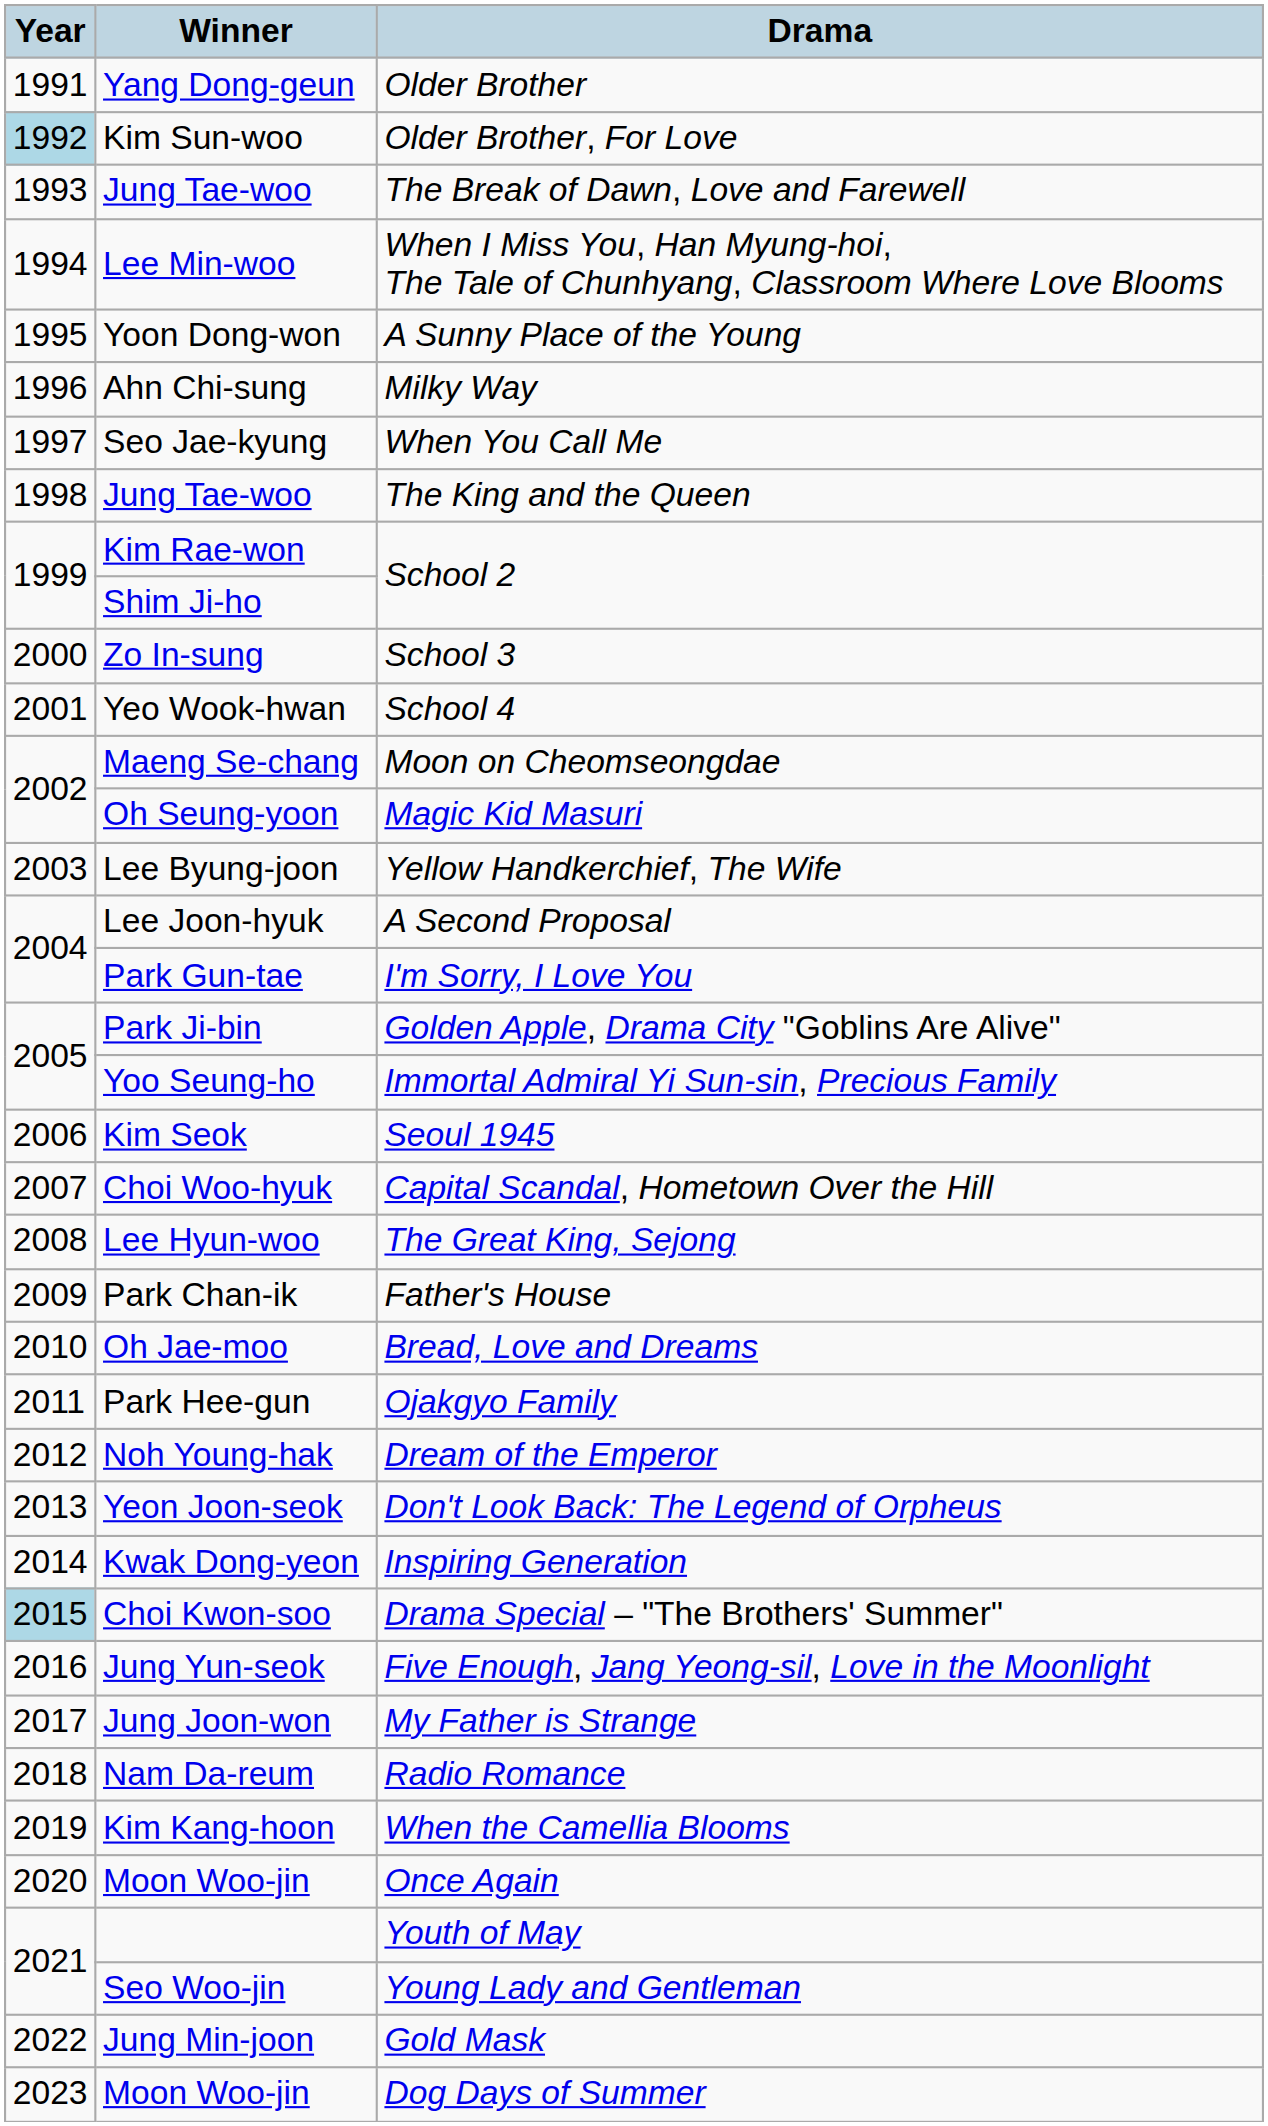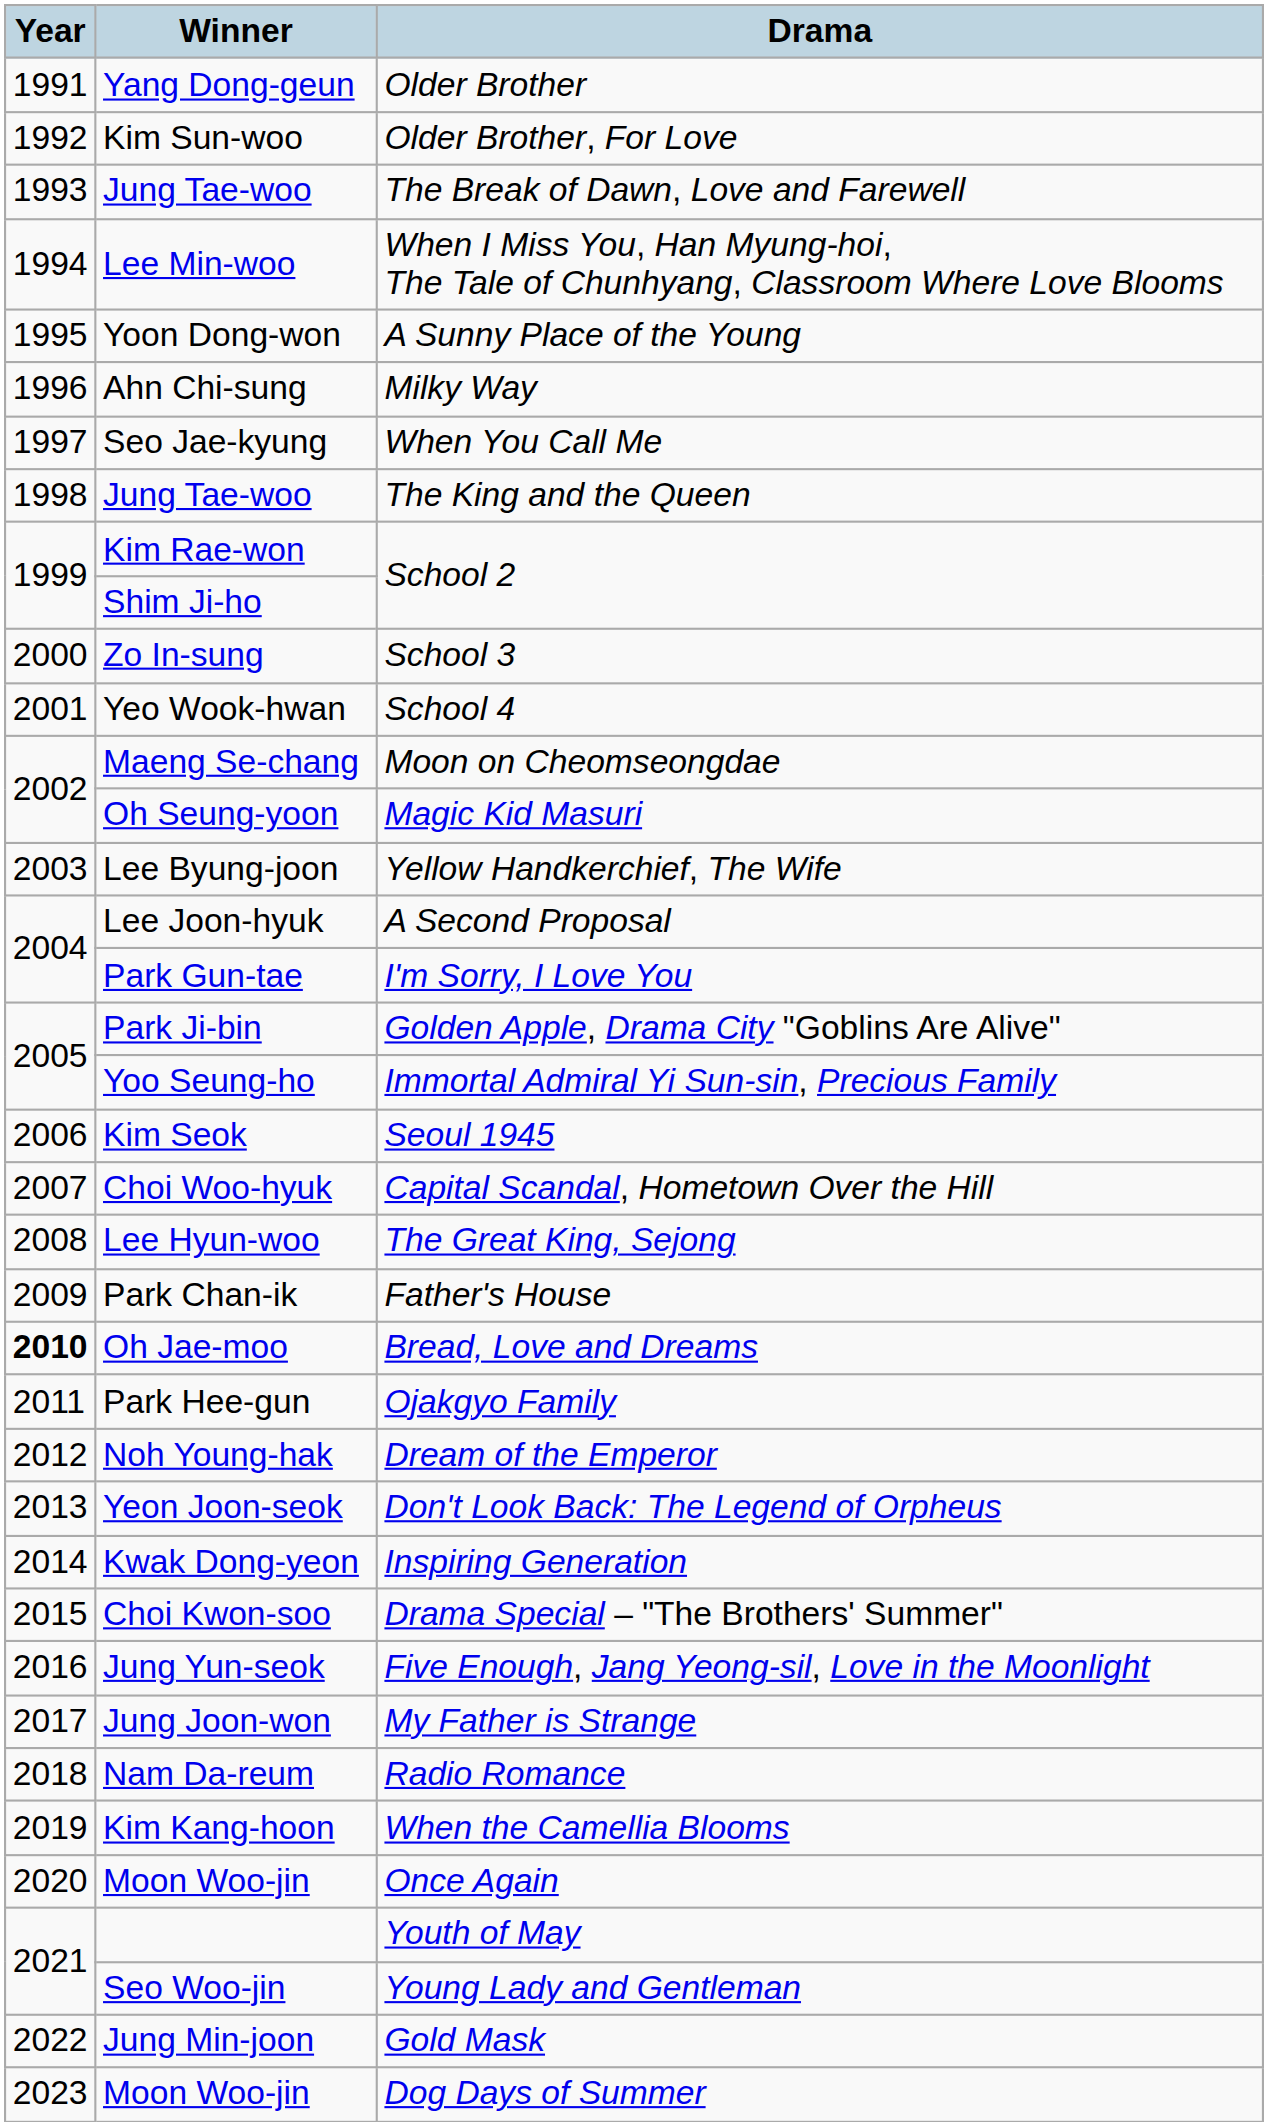 <table class="wikitable" style="width:600px">
 <tr>
 <th style="background:#BED5E1;" width="30">Year</th>
 <th style="background:#BED5E1;">Winner</th>
 <th style="background:#BED5E1;">Drama</th>
 </tr>
 <tr>
 <td>1991</td>
 <td><a href='#'>Yang Dong-geun</a></td>
 <td><em>Older Brother</em></td>
 </tr>
 <tr>
-<td style="background: lightblue;">1992</td>
+<td>1992</td>
 <td>Kim Sun-woo</td>
 <td><em>Older Brother</em>, <em>For Love</em></td>
 </tr>
 <tr>
 <td>1993</td>
 <td><a href='#'>Jung Tae-woo</a></td>
 <td><em>The Break of Dawn</em>, <em>Love and Farewell</em></td>
 </tr>
 <tr>
 <td>1994</td>
 <td><a href='#'>Lee Min-woo</a></td>
 <td><em>When I Miss You</em>, <em>Han Myung-hoi</em>,<br><em>The Tale of Chunhyang</em>, <em>Classroom Where Love Blooms</em></td>
 </tr>
 <tr>
 <td>1995</td>
 <td>Yoon Dong-won</td>
 <td><em>A Sunny Place of the Young</em></td>
 </tr>
 <tr>
 <td>1996</td>
 <td>Ahn Chi-sung</td>
 <td><em>Milky Way</em></td>
 </tr>
 <tr>
 <td>1997</td>
 <td>Seo Jae-kyung</td>
 <td><em>When You Call Me</em></td>
 </tr>
 <tr>
 <td>1998</td>
 <td><a href='#'>Jung Tae-woo</a></td>
 <td><em>The King and the Queen</em></td>
 </tr>
 <tr>
 <td rowspan="2">1999</td>
 <td><a href='#'>Kim Rae-won</a></td>
 <td rowspan="2"><em>School 2</em></td>
 </tr>
 <tr>
 <td><a href='#'>Shim Ji-ho</a></td>
 </tr>
 <tr>
 <td>2000</td>
 <td><a href='#'>Zo In-sung</a></td>
 <td><em>School 3</em></td>
 </tr>
 <tr>
 <td>2001</td>
 <td>Yeo Wook-hwan</td>
 <td><em>School 4</em></td>
 </tr>
 <tr>
 <td rowspan="2">2002</td>
 <td><a href='#'>Maeng Se-chang</a></td>
 <td><em>Moon on Cheomseongdae</em></td>
 </tr>
 <tr>
 <td><a href='#'>Oh Seung-yoon</a></td>
 <td><em><a href='#'>Magic Kid Masuri</a></em></td>
 </tr>
 <tr>
 <td>2003</td>
 <td>Lee Byung-joon </td>
 <td><em>Yellow Handkerchief</em>, <em>The Wife</em></td>
 </tr>
 <tr>
 <td rowspan="2">2004</td>
 <td>Lee Joon-hyuk </td>
 <td><em>A Second Proposal</em></td>
 </tr>
 <tr>
 <td><a href='#'>Park Gun-tae</a></td>
 <td><em><a href='#'>I'm Sorry, I Love You</a></em></td>
 </tr>
 <tr>
 <td rowspan="2">2005</td>
 <td><a href='#'>Park Ji-bin</a></td>
 <td><em><a href='#'>Golden Apple</a></em>, <em><a href='#'>Drama City</a></em> "Goblins Are Alive"</td>
 </tr>
 <tr>
 <td><a href='#'>Yoo Seung-ho</a></td>
 <td><em><a href='#'>Immortal Admiral Yi Sun-sin</a></em>, <em><a href='#'>Precious Family</a></em></td>
 </tr>
 <tr>
 <td>2006</td>
 <td><a href='#'>Kim Seok</a></td>
 <td><em><a href='#'>Seoul 1945</a></em></td>
 </tr>
 <tr>
 <td>2007</td>
 <td><a href='#'>Choi Woo-hyuk</a></td>
 <td><em><a href='#'>Capital Scandal</a></em>, <em>Hometown Over the Hill</em></td>
 </tr>
 <tr>
 <td>2008</td>
 <td><a href='#'>Lee Hyun-woo</a></td>
 <td><em><a href='#'>The Great King, Sejong</a></em></td>
 </tr>
 <tr>
 <td>2009</td>
 <td>Park Chan-ik</td>
 <td><em>Father's House</em></td>
 </tr>
 <tr>
-<td>2010</td>
+<td><strong>2010</strong></td>
 <td><a href='#'>Oh Jae-moo</a></td>
 <td><em><a href='#'>Bread, Love and Dreams</a></em></td>
 </tr>
 <tr>
 <td>2011</td>
 <td>Park Hee-gun</td>
 <td><em><a href='#'>Ojakgyo Family</a></em></td>
 </tr>
 <tr>
 <td>2012</td>
 <td><a href='#'>Noh Young-hak</a></td>
 <td><em><a href='#'>Dream of the Emperor</a></em></td>
 </tr>
 <tr>
 <td>2013</td>
 <td><a href='#'>Yeon Joon-seok</a></td>
 <td><em><a href='#'>Don't Look Back: The Legend of Orpheus</a></em></td>
 </tr>
 <tr>
 <td>2014</td>
 <td><a href='#'>Kwak Dong-yeon</a></td>
 <td><em><a href='#'>Inspiring Generation</a></em></td>
 </tr>
 <tr>
-<td style="background: lightblue;">2015</td>
+<td>2015</td>
 <td><a href='#'>Choi Kwon-soo</a></td>
 <td><em><a href='#'>Drama Special</a></em> – "The Brothers' Summer"</td>
 </tr>
 <tr>
 <td>2016</td>
 <td><a href='#'>Jung Yun-seok</a></td>
 <td><em><a href='#'>Five Enough</a></em>, <em><a href='#'>Jang Yeong-sil</a></em>, <em><a href='#'>Love in the Moonlight</a></em></td>
 </tr>
 <tr>
 <td>2017</td>
 <td><a href='#'>Jung Joon-won</a></td>
 <td><em><a href='#'>My Father is Strange</a></em></td>
 </tr>
 <tr>
 <td>2018</td>
 <td><a href='#'>Nam Da-reum</a></td>
 <td><em><a href='#'>Radio Romance</a></em></td>
 </tr>
 <tr>
 <td>2019</td>
 <td><a href='#'>Kim Kang-hoon</a></td>
 <td><em><a href='#'>When the Camellia Blooms</a></em></td>
 </tr>
 <tr>
 <td>2020</td>
 <td><a href='#'>Moon Woo-jin</a></td>
 <td><em><a href='#'>Once Again</a></em></td>
 </tr>
 <tr>
 <td rowspan="2">2021</td>
 <td></td>
 <td><em><a href='#'>Youth of May</a></em></td>
 </tr>
 <tr>
 <td><a href='#'>Seo Woo-jin</a></td>
 <td><em><a href='#'>Young Lady and Gentleman</a></em></td>
 </tr>
 <tr>
 <td>2022</td>
 <td><a href='#'>Jung Min-joon</a></td>
 <td><em><a href='#'>Gold Mask</a></em></td>
 </tr>
 <tr>
 <td>2023</td>
 <td><a href='#'>Moon Woo-jin</a></td>
 <td><a href='#'><em>Dog Days of Summer</em></a></td>
 </tr>
 </table>
